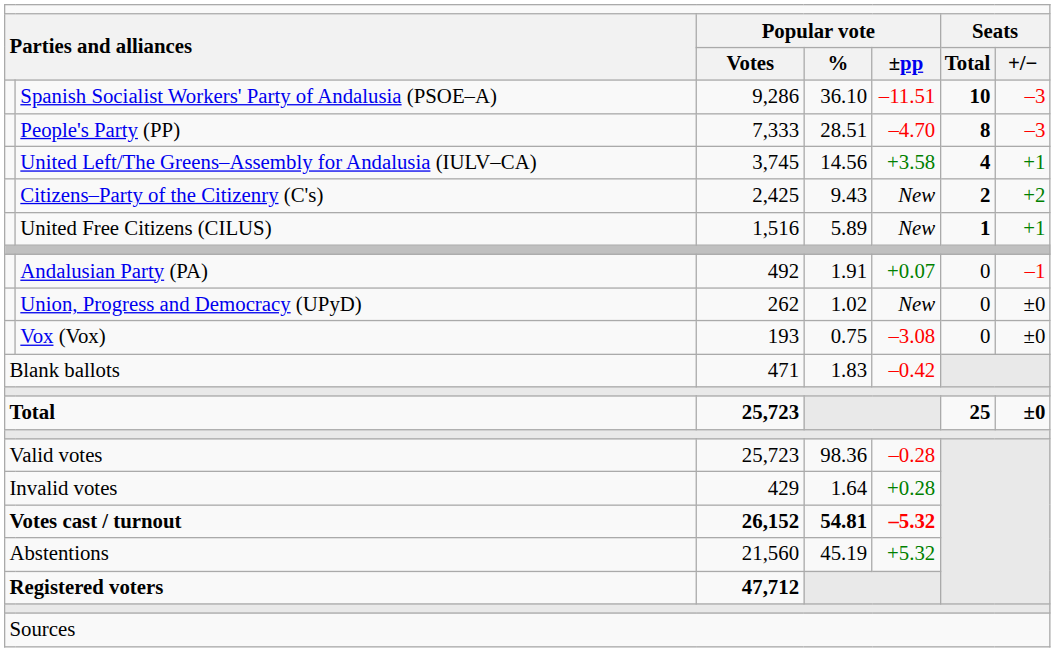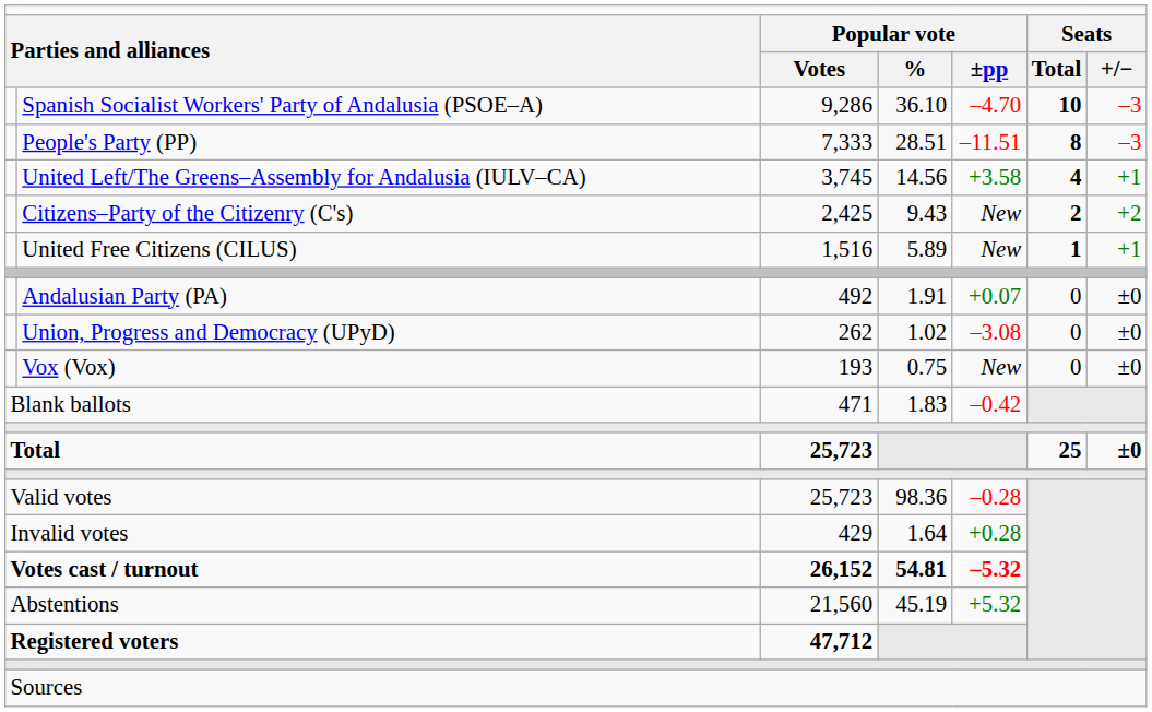 <table class="wikitable" style="text-align:right;">
 <tr>
 <td colspan="7"></td>
 </tr>
 <tr>
 <th style="text-align:left;" rowspan="2" colspan="2" width="525">Parties and alliances</th>
 <th colspan="3">Popular vote</th>
 <th colspan="2">Seats</th>
 </tr>
 <tr>
 <th width="75">Votes</th>
 <th width="45">%</th>
 <th width="45">±<a href='#'>pp</a></th>
 <th width="35">Total</th>
 <th width="35">+/−</th>
 </tr>
 <tr>
 <td width="1" style="color:inherit;background:"></td>
 <td align="left"><a href='#'>Spanish Socialist Workers' Party of Andalusia</a> (PSOE–A)</td>
 <td>9,286</td>
 <td>36.10</td>
-<td style="color:red;">–11.51</td>
+<td style="color:red;">–4.70</td>
 <td><strong>10</strong></td>
 <td style="color:red;">–3</td>
 </tr>
 <tr>
 <td style="color:inherit;background:"></td>
 <td align="left"><a href='#'>People's Party</a> (PP)</td>
 <td>7,333</td>
 <td>28.51</td>
-<td style="color:red;">–4.70</td>
+<td style="color:red;">–11.51</td>
 <td><strong>8</strong></td>
 <td style="color:red;">–3</td>
 </tr>
 <tr>
 <td style="color:inherit;background:"></td>
 <td align="left"><a href='#'>United Left/The Greens–Assembly for Andalusia</a> (IULV–CA)</td>
 <td>3,745</td>
 <td>14.56</td>
 <td style="color:green;">+3.58</td>
 <td><strong>4</strong></td>
 <td style="color:green;">+1</td>
 </tr>
 <tr>
 <td style="color:inherit;background:"></td>
 <td align="left"><a href='#'>Citizens–Party of the Citizenry</a> (C's)</td>
 <td>2,425</td>
 <td>9.43</td>
 <td><em>New</em></td>
 <td><strong>2</strong></td>
 <td style="color:green;">+2</td>
 </tr>
 <tr>
 <td style="color:inherit;background:"></td>
 <td align="left">United Free Citizens (CILUS)</td>
 <td>1,516</td>
 <td>5.89</td>
 <td><em>New</em></td>
 <td><strong>1</strong></td>
 <td style="color:green;">+1</td>
 </tr>
 <tr>
 <td colspan="7" bgcolor="#C0C0C0"></td>
 </tr>
 <tr>
 <td style="color:inherit;background:"></td>
 <td align="left"><a href='#'>Andalusian Party</a> (PA)</td>
 <td>492</td>
 <td>1.91</td>
 <td style="color:green;">+0.07</td>
 <td>0</td>
-<td style="color:red;">–1</td>
+<td>±0</td>
 </tr>
 <tr>
 <td style="color:inherit;background:"></td>
 <td align="left"><a href='#'>Union, Progress and Democracy</a> (UPyD)</td>
 <td>262</td>
 <td>1.02</td>
-<td><em>New</em></td>
+<td style="color:red;">–3.08</td>
 <td>0</td>
 <td>±0</td>
 </tr>
 <tr>
 <td style="color:inherit;background:"></td>
 <td align="left"><a href='#'>Vox</a> (Vox)</td>
 <td>193</td>
 <td>0.75</td>
-<td style="color:red;">–3.08</td>
+<td><em>New</em></td>
 <td>0</td>
 <td>±0</td>
 </tr>
 <tr>
 <td align="left" colspan="2">Blank ballots</td>
 <td>471</td>
 <td>1.83</td>
 <td style="color:red;">–0.42</td>
 <td bgcolor="#E9E9E9" colspan="2"></td>
 </tr>
 <tr>
 <td colspan="7" bgcolor="#E9E9E9"></td>
 </tr>
 <tr style="font-weight:bold;">
 <td align="left" colspan="2">Total</td>
 <td>25,723</td>
 <td bgcolor="#E9E9E9" colspan="2"></td>
 <td>25</td>
 <td>±0</td>
 </tr>
 <tr>
 <td colspan="7" bgcolor="#E9E9E9"></td>
 </tr>
 <tr>
 <td align="left" colspan="2">Valid votes</td>
 <td>25,723</td>
 <td>98.36</td>
 <td style="color:red;">–0.28</td>
 <td bgcolor="#E9E9E9" colspan="2" rowspan="5"></td>
 </tr>
 <tr>
 <td align="left" colspan="2">Invalid votes</td>
 <td>429</td>
 <td>1.64</td>
 <td style="color:green;">+0.28</td>
 </tr>
 <tr style="font-weight:bold;">
 <td align="left" colspan="2">Votes cast / turnout</td>
 <td>26,152</td>
 <td>54.81</td>
 <td style="color:red;">–5.32</td>
 </tr>
 <tr>
 <td align="left" colspan="2">Abstentions</td>
 <td>21,560</td>
 <td>45.19</td>
 <td style="color:green;">+5.32</td>
 </tr>
 <tr style="font-weight:bold;">
 <td align="left" colspan="2">Registered voters</td>
 <td>47,712</td>
 <td bgcolor="#E9E9E9" colspan="2"></td>
 </tr>
 <tr>
 <td colspan="7" bgcolor="#E9E9E9"></td>
 </tr>
 <tr>
 <td align="left" colspan="7">Sources</td>
 </tr>
 </table>
